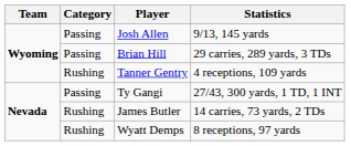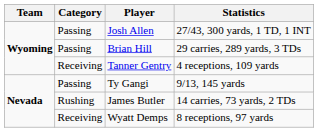 <table class="wikitable" style="float: left;">
 <tr>
 <th>Team</th>
 <th>Category</th>
 <th>Player</th>
 <th>Statistics</th>
 </tr>
 <tr>
 <td rowspan=3><strong>Wyoming</strong></td>
 <td>Passing</td>
 <td><a href='#'>Josh Allen</a></td>
-<td>9/13, 145 yards</td>
+<td>27/43, 300 yards, 1 TD, 1 INT</td>
 </tr>
 <tr>
 <td>Passing</td>
 <td><a href='#'>Brian Hill</a></td>
 <td>29 carries, 289 yards, 3 TDs</td>
 </tr>
 <tr>
-<td>Rushing</td>
+<td>Receiving</td>
 <td><a href='#'>Tanner Gentry</a></td>
 <td>4 receptions, 109 yards</td>
 </tr>
 <tr>
 <td rowspan=3><strong>Nevada</strong></td>
 <td>Passing</td>
 <td>Ty Gangi</td>
-<td>27/43, 300 yards, 1 TD, 1 INT</td>
+<td>9/13, 145 yards</td>
 </tr>
 <tr>
 <td>Rushing</td>
 <td>James Butler</td>
 <td>14 carries, 73 yards, 2 TDs</td>
 </tr>
 <tr>
-<td>Rushing</td>
+<td>Receiving</td>
 <td>Wyatt Demps</td>
 <td>8 receptions, 97 yards</td>
 </tr>
 </table>
